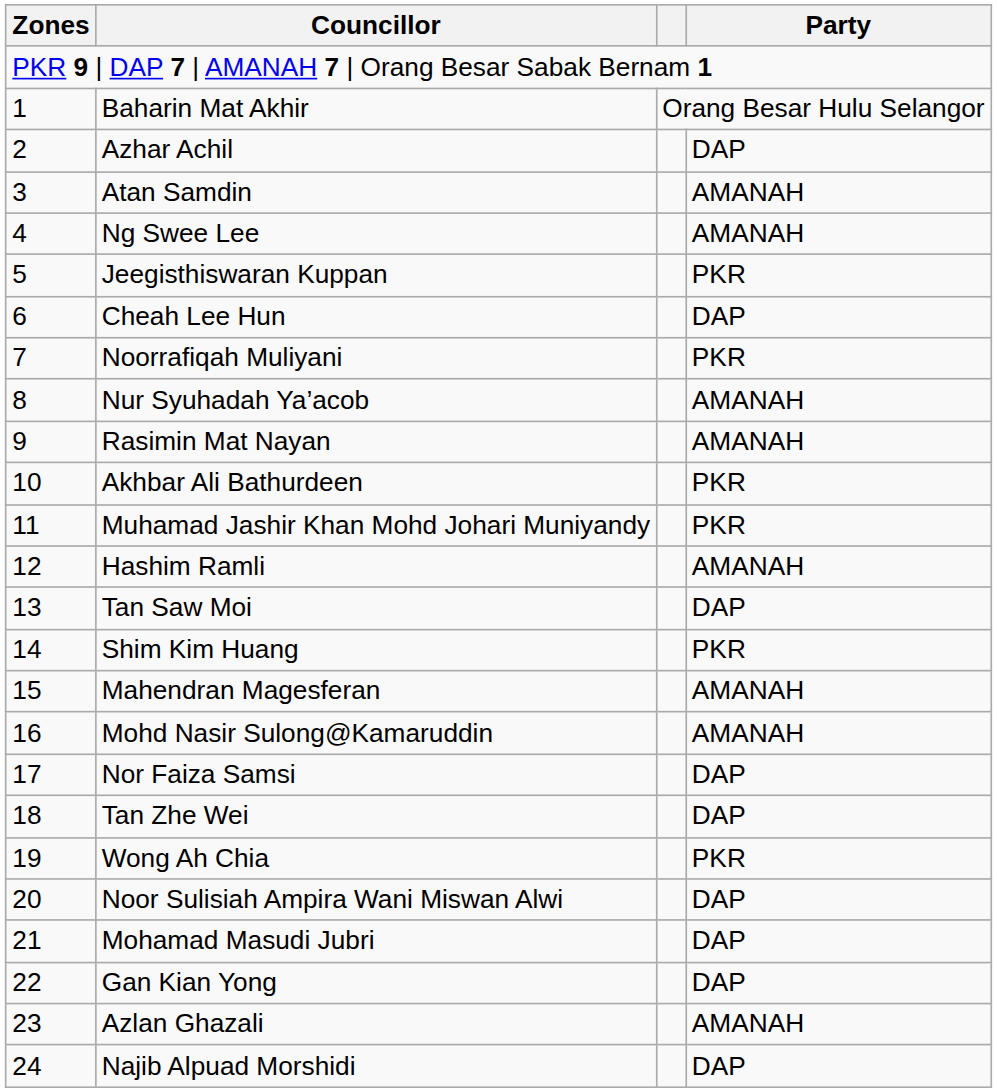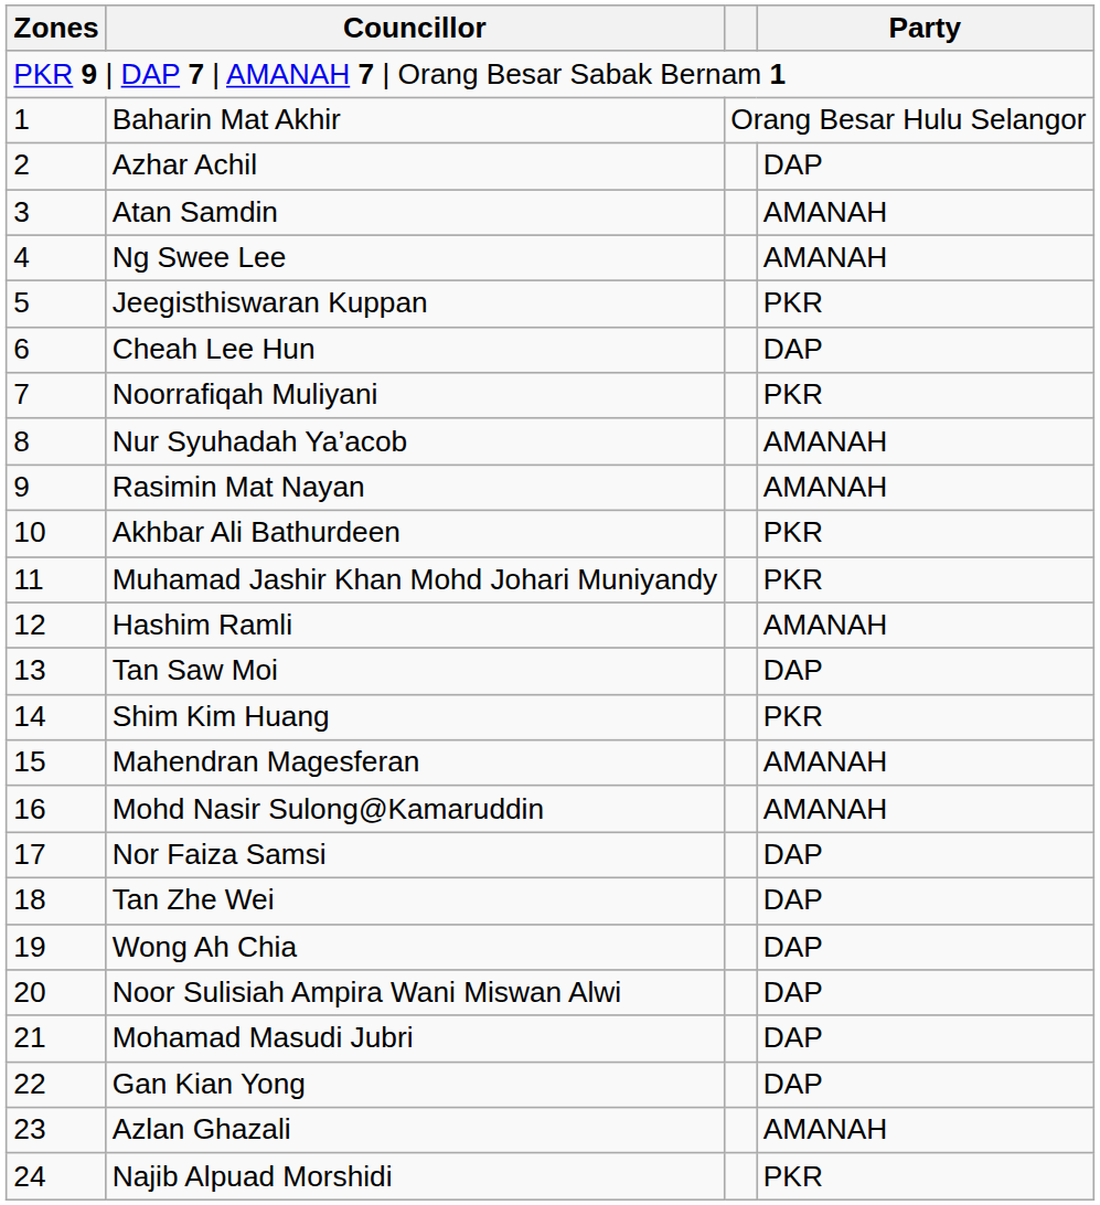 <table class="wikitable sortable" style="margin: 1em auto 1em auto">
 <tr>
 <th>Zones</th>
 <th>Councillor</th>
 <th></th>
 <th>Party</th>
 </tr>
 <tr>
 <td colspan = "8"><a href='#'>PKR</a> <strong>9</strong> | <a href='#'>DAP</a> <strong>7</strong> | <a href='#'>AMANAH</a> <strong>7</strong> | Orang Besar Sabak Bernam <strong>1</strong></td>
 </tr>
 <tr>
 <td>1</td>
 <td>Baharin Mat Akhir</td>
 <td colspan=2>Orang Besar Hulu Selangor</td>
 </tr>
 <tr>
 <td>2</td>
 <td>Azhar Achil</td>
 <td style="background:"></td>
 <td>DAP</td>
 </tr>
 <tr>
 <td>3</td>
 <td>Atan Samdin</td>
 <td style="background:"></td>
 <td>AMANAH</td>
 </tr>
 <tr>
 <td>4</td>
 <td>Ng Swee Lee</td>
 <td style="background:"></td>
 <td>AMANAH</td>
 </tr>
 <tr>
 <td>5</td>
 <td>Jeegisthiswaran Kuppan</td>
 <td style="background:"></td>
 <td>PKR</td>
 </tr>
 <tr>
 <td>6</td>
 <td>Cheah Lee Hun</td>
 <td style="background:"></td>
 <td>DAP</td>
 </tr>
 <tr>
 <td>7</td>
 <td>Noorrafiqah Muliyani</td>
 <td style="background:"></td>
 <td>PKR</td>
 </tr>
 <tr>
 <td>8</td>
 <td>Nur Syuhadah Ya’acob</td>
 <td style="background:"></td>
 <td>AMANAH</td>
 </tr>
 <tr>
 <td>9</td>
 <td>Rasimin Mat Nayan</td>
 <td style="background:"></td>
 <td>AMANAH</td>
 </tr>
 <tr>
 <td>10</td>
 <td>Akhbar Ali Bathurdeen</td>
 <td style="background:"></td>
 <td>PKR</td>
 </tr>
 <tr>
 <td>11</td>
 <td>Muhamad Jashir Khan Mohd Johari Muniyandy</td>
 <td style="background:"></td>
 <td>PKR</td>
 </tr>
 <tr>
 <td>12</td>
 <td>Hashim Ramli</td>
 <td style="background:"></td>
 <td>AMANAH</td>
 </tr>
 <tr>
 <td>13</td>
 <td>Tan Saw Moi</td>
 <td style="background:"></td>
 <td>DAP</td>
 </tr>
 <tr>
 <td>14</td>
 <td>Shim Kim Huang</td>
 <td style="background:"></td>
 <td>PKR</td>
 </tr>
 <tr>
 <td>15</td>
 <td>Mahendran Magesferan</td>
 <td style="background:"></td>
 <td>AMANAH</td>
 </tr>
 <tr>
 <td>16</td>
 <td>Mohd Nasir Sulong@Kamaruddin</td>
 <td style="background:"></td>
 <td>AMANAH</td>
 </tr>
 <tr>
 <td>17</td>
 <td>Nor Faiza Samsi</td>
 <td style="background:"></td>
 <td>DAP</td>
 </tr>
 <tr>
 <td>18</td>
 <td>Tan Zhe Wei</td>
 <td style="background:"></td>
 <td>DAP</td>
 </tr>
 <tr>
 <td>19</td>
 <td>Wong Ah Chia</td>
 <td style="background:"></td>
-<td>PKR</td>
+<td>DAP</td>
 </tr>
 <tr>
 <td>20</td>
 <td>Noor Sulisiah Ampira Wani Miswan Alwi</td>
 <td style="background:"></td>
 <td>DAP</td>
 </tr>
 <tr>
 <td>21</td>
 <td>Mohamad Masudi Jubri</td>
 <td style="background:"></td>
 <td>DAP</td>
 </tr>
 <tr>
 <td>22</td>
 <td>Gan Kian Yong</td>
 <td style="background:"></td>
 <td>DAP</td>
 </tr>
 <tr>
 <td>23</td>
 <td>Azlan Ghazali</td>
 <td style="background:"></td>
 <td>AMANAH</td>
 </tr>
 <tr>
 <td>24</td>
 <td>Najib Alpuad Morshidi</td>
 <td style="background:"></td>
-<td>DAP</td>
+<td>PKR</td>
 </tr>
 </table>
